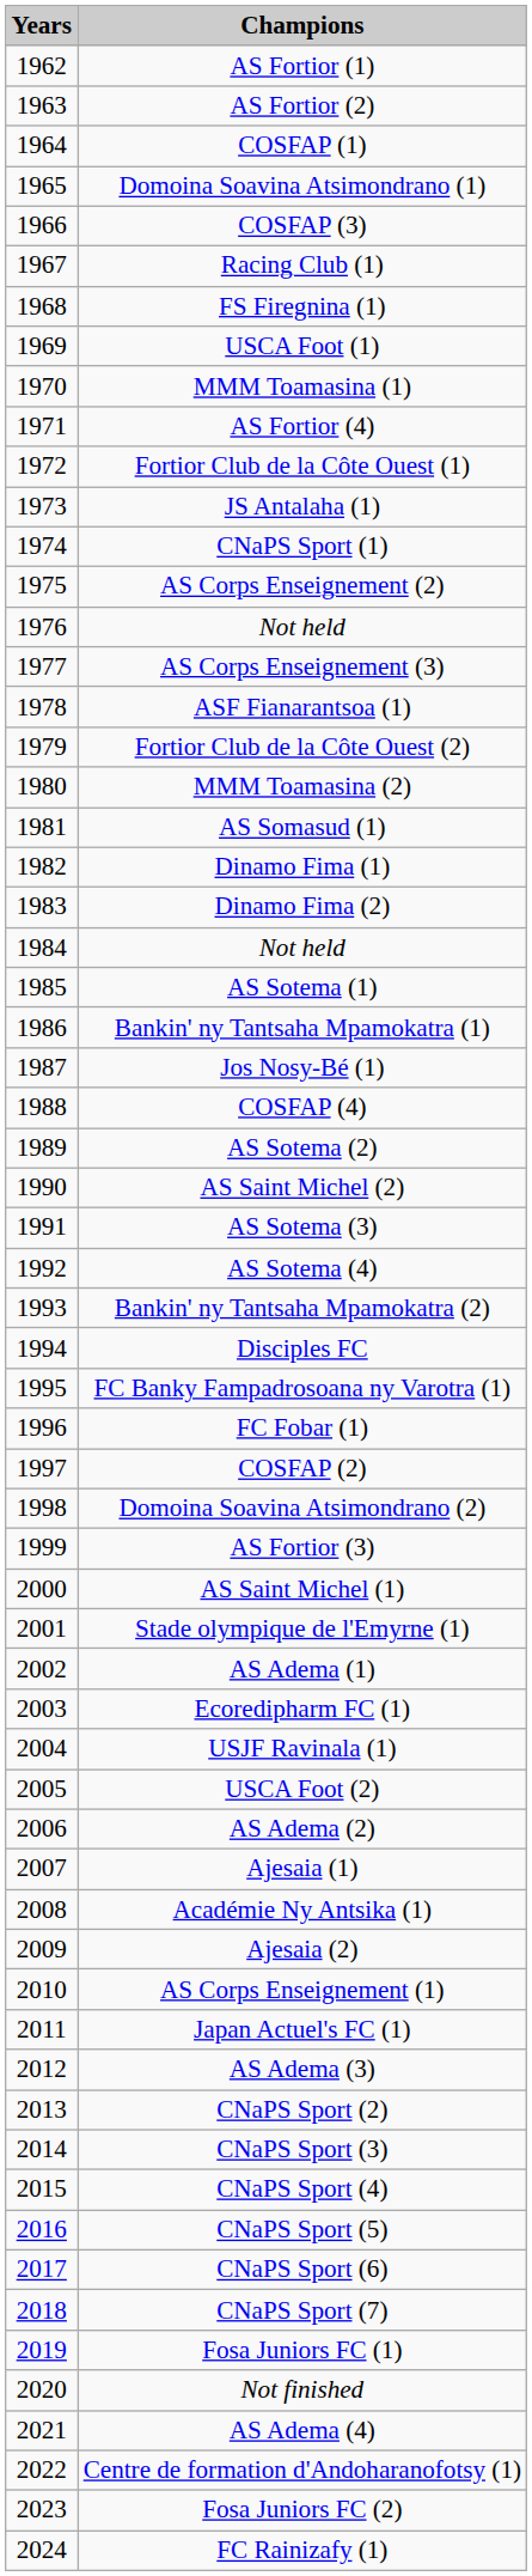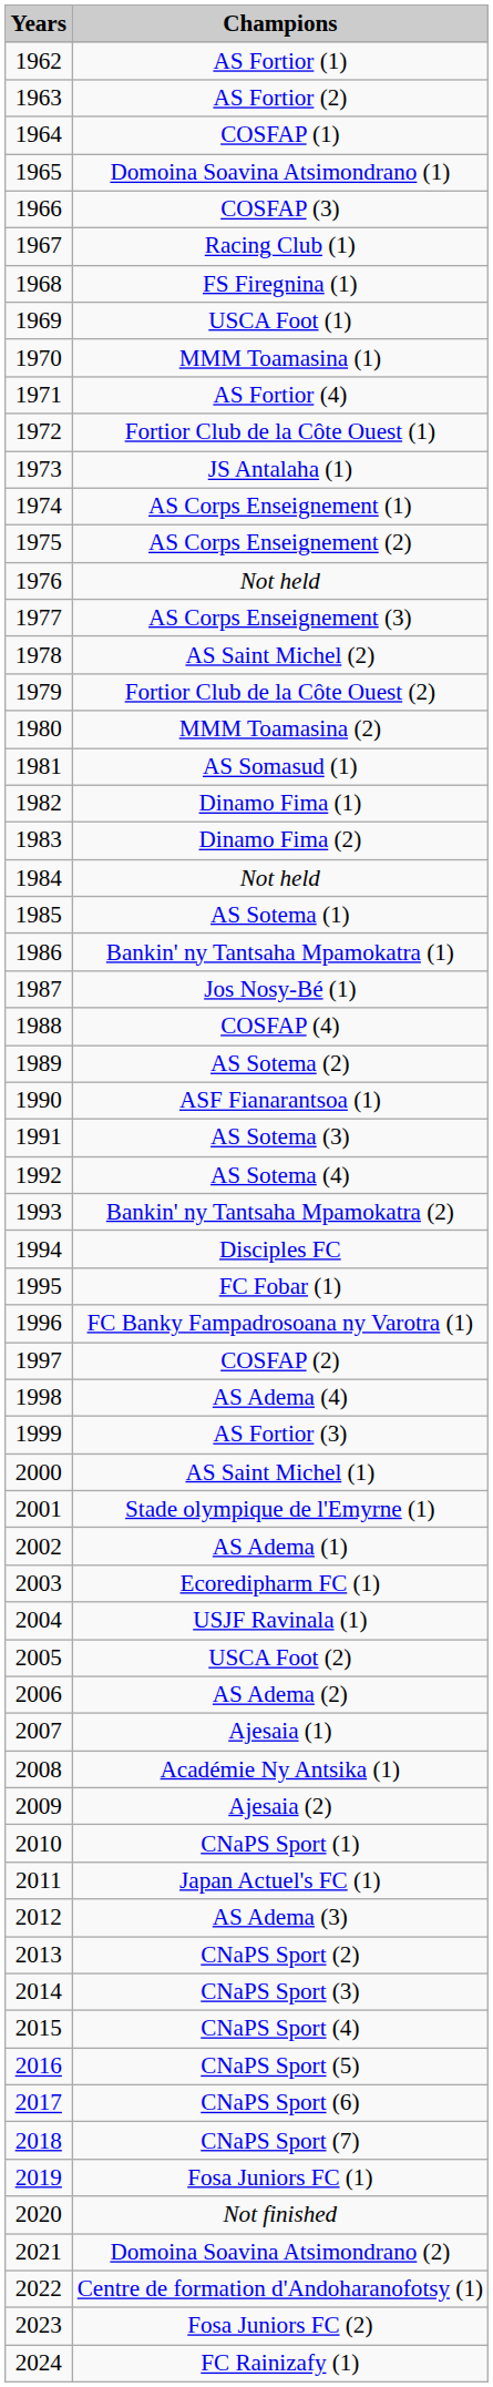 <table class="wikitable" style="text-align: center">
 <tr bgcolor="#CCCCCCCC">
 <td><strong>Years</strong></td>
 <td><strong>Champions</strong></td>
 </tr>
 <tr bgcolor="#EFEFEF">
 </tr>
 <tr>
 <td>1962</td>
 <td><a href='#'>AS Fortior</a> (1)</td>
 </tr>
 <tr>
 <td>1963</td>
 <td><a href='#'>AS Fortior</a> (2)</td>
 </tr>
 <tr>
 <td>1964</td>
 <td><a href='#'>COSFAP</a> (1)</td>
 </tr>
 <tr>
 <td>1965</td>
 <td><a href='#'>Domoina Soavina Atsimondrano</a> (1)</td>
 </tr>
 <tr>
 <td>1966</td>
 <td><a href='#'>COSFAP</a> (3)</td>
 </tr>
 <tr>
 <td>1967</td>
 <td><a href='#'>Racing Club</a> (1)</td>
 </tr>
 <tr>
 <td>1968</td>
 <td><a href='#'>FS Firegnina</a> (1)</td>
 </tr>
 <tr>
 <td>1969</td>
 <td><a href='#'>USCA Foot</a> (1)</td>
 </tr>
 <tr>
 <td>1970</td>
 <td><a href='#'>MMM Toamasina</a> (1)</td>
 </tr>
 <tr>
 <td>1971</td>
 <td><a href='#'>AS Fortior</a> (4)</td>
 </tr>
 <tr>
 <td>1972</td>
 <td><a href='#'>Fortior Club de la Côte Ouest</a> (1)</td>
 </tr>
 <tr>
 <td>1973</td>
 <td><a href='#'>JS Antalaha</a> (1)</td>
 </tr>
 <tr>
 <td>1974</td>
-<td><a href='#'>CNaPS Sport</a> (1)</td>
+<td><a href='#'>AS Corps Enseignement</a> (1)</td>
 </tr>
 <tr>
 <td>1975</td>
 <td><a href='#'>AS Corps Enseignement</a> (2)</td>
 </tr>
 <tr>
 <td>1976</td>
 <td><em>Not held</em></td>
 </tr>
 <tr>
 <td>1977</td>
 <td><a href='#'>AS Corps Enseignement</a> (3)</td>
 </tr>
 <tr>
 <td>1978</td>
-<td><a href='#'>ASF Fianarantsoa</a> (1)</td>
+<td><a href='#'>AS Saint Michel</a> (2)</td>
 </tr>
 <tr>
 <td>1979</td>
 <td><a href='#'>Fortior Club de la Côte Ouest</a> (2)</td>
 </tr>
 <tr>
 <td>1980</td>
 <td><a href='#'>MMM Toamasina</a> (2)</td>
 </tr>
 <tr>
 <td>1981</td>
 <td><a href='#'>AS Somasud</a> (1)</td>
 </tr>
 <tr>
 <td>1982</td>
 <td><a href='#'>Dinamo Fima</a> (1)</td>
 </tr>
 <tr>
 <td>1983</td>
 <td><a href='#'>Dinamo Fima</a> (2)</td>
 </tr>
 <tr>
 <td>1984</td>
 <td><em>Not held</em></td>
 </tr>
 <tr>
 <td>1985</td>
 <td><a href='#'>AS Sotema</a> (1)</td>
 </tr>
 <tr>
 <td>1986</td>
 <td><a href='#'>Bankin' ny Tantsaha Mpamokatra</a> (1)</td>
 </tr>
 <tr>
 <td>1987</td>
 <td><a href='#'>Jos Nosy-Bé</a> (1)</td>
 </tr>
 <tr>
 <td>1988</td>
 <td><a href='#'>COSFAP</a> (4)</td>
 </tr>
 <tr>
 <td>1989</td>
 <td><a href='#'>AS Sotema</a> (2)</td>
 </tr>
 <tr>
 <td>1990</td>
-<td><a href='#'>AS Saint Michel</a> (2)</td>
+<td><a href='#'>ASF Fianarantsoa</a> (1)</td>
 </tr>
 <tr>
 <td>1991</td>
 <td><a href='#'>AS Sotema</a> (3)</td>
 </tr>
 <tr>
 <td>1992</td>
 <td><a href='#'>AS Sotema</a> (4)</td>
 </tr>
 <tr>
 <td>1993</td>
 <td><a href='#'>Bankin' ny Tantsaha Mpamokatra</a> (2)</td>
 </tr>
 <tr>
 <td>1994</td>
 <td><a href='#'>Disciples FC</a></td>
 </tr>
 <tr>
 <td>1995</td>
-<td><a href='#'>FC Banky Fampadrosoana ny Varotra</a> (1)</td>
+<td><a href='#'>FC Fobar</a> (1)</td>
 </tr>
 <tr>
 <td>1996</td>
-<td><a href='#'>FC Fobar</a> (1)</td>
+<td><a href='#'>FC Banky Fampadrosoana ny Varotra</a> (1)</td>
 </tr>
 <tr>
 <td>1997</td>
 <td><a href='#'>COSFAP</a> (2)</td>
 </tr>
 <tr>
 <td>1998</td>
-<td><a href='#'>Domoina Soavina Atsimondrano</a> (2)</td>
+<td><a href='#'>AS Adema</a> (4)</td>
 </tr>
 <tr>
 <td>1999</td>
 <td><a href='#'>AS Fortior</a> (3)</td>
 </tr>
 <tr>
 <td>2000</td>
 <td><a href='#'>AS Saint Michel</a> (1)</td>
 </tr>
 <tr>
 <td>2001</td>
 <td><a href='#'>Stade olympique de l'Emyrne</a> (1)</td>
 </tr>
 <tr>
 <td>2002</td>
 <td><a href='#'>AS Adema</a> (1)</td>
 </tr>
 <tr>
 <td>2003</td>
 <td><a href='#'>Ecoredipharm FC</a> (1)</td>
 </tr>
 <tr>
 <td>2004</td>
 <td><a href='#'>USJF Ravinala</a> (1)</td>
 </tr>
 <tr>
 <td>2005</td>
 <td><a href='#'>USCA Foot</a> (2)</td>
 </tr>
 <tr>
 <td>2006</td>
 <td><a href='#'>AS Adema</a> (2)</td>
 </tr>
 <tr>
 <td>2007</td>
 <td><a href='#'>Ajesaia</a> (1)</td>
 </tr>
 <tr>
 <td>2008</td>
 <td><a href='#'>Académie Ny Antsika</a> (1)</td>
 </tr>
 <tr>
 <td>2009</td>
 <td><a href='#'>Ajesaia</a> (2)</td>
 </tr>
 <tr>
 <td>2010</td>
-<td><a href='#'>AS Corps Enseignement</a> (1)</td>
+<td><a href='#'>CNaPS Sport</a> (1)</td>
 </tr>
 <tr>
 <td>2011</td>
 <td><a href='#'>Japan Actuel's FC</a> (1)</td>
 </tr>
 <tr>
 <td>2012</td>
 <td><a href='#'>AS Adema</a> (3)</td>
 </tr>
 <tr>
 <td>2013</td>
 <td><a href='#'>CNaPS Sport</a> (2)</td>
 </tr>
 <tr>
 <td>2014</td>
 <td><a href='#'>CNaPS Sport</a> (3)</td>
 </tr>
 <tr>
 <td>2015</td>
 <td><a href='#'>CNaPS Sport</a> (4)</td>
 </tr>
 <tr>
 <td><a href='#'>2016</a></td>
 <td><a href='#'>CNaPS Sport</a> (5)</td>
 </tr>
 <tr>
 <td><a href='#'>2017</a></td>
 <td><a href='#'>CNaPS Sport</a> (6)</td>
 </tr>
 <tr>
 <td><a href='#'>2018</a></td>
 <td><a href='#'>CNaPS Sport</a> (7)</td>
 </tr>
 <tr>
 <td><a href='#'>2019</a></td>
 <td><a href='#'>Fosa Juniors FC</a> (1)</td>
 </tr>
 <tr>
 <td>2020</td>
 <td><em>Not finished</em></td>
 </tr>
 <tr>
 <td>2021</td>
-<td><a href='#'>AS Adema</a> (4)</td>
+<td><a href='#'>Domoina Soavina Atsimondrano</a> (2)</td>
 </tr>
 <tr>
 <td>2022</td>
 <td><a href='#'>Centre de formation d'Andoharanofotsy</a> (1)</td>
 </tr>
 <tr>
 <td>2023</td>
 <td><a href='#'>Fosa Juniors FC</a> (2)</td>
 </tr>
 <tr>
 <td>2024</td>
 <td><a href='#'>FC Rainizafy</a> (1)</td>
 </tr>
 </table>
